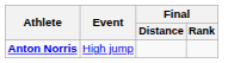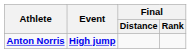 <table class=wikitable style=font-size:90%>
 <tr>
 <th rowspan=2>Athlete</th>
 <th rowspan=2>Event</th>
 <th colspan=2>Final</th>
 </tr>
 <tr style=font-size:95%>
 <th>Distance</th>
 <th>Rank</th>
 </tr>
 <tr align=center>
 <td align=left><strong><a href='#'>Anton Norris</a></strong></td>
-<td align=left><a href='#'>High jump</a></td>
+<td align=left><strong><a href='#'>High jump</a></strong></td>
 <td></td>
 <td></td>
 </tr>
 </table>
